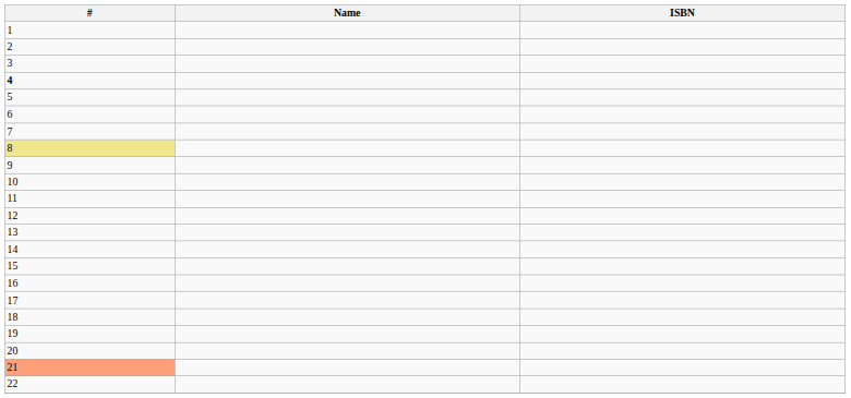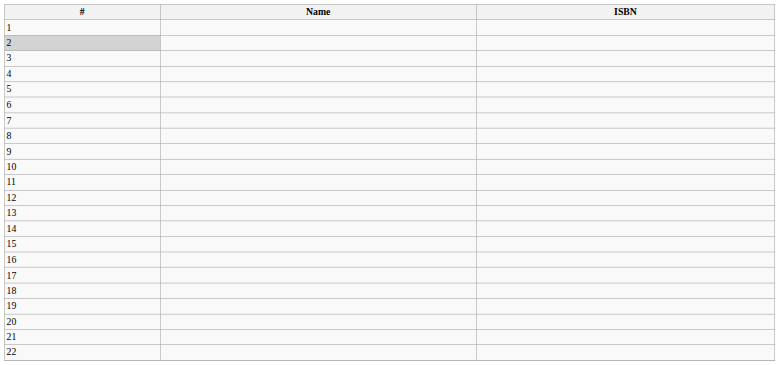 <table class="sortable wikitable" width="100%">
 <tr>
 <th>#</th>
 <th>Name</th>
 <th>ISBN</th>
 </tr>
 <tr>
 <td>1</td>
 <td></td>
 <td><small></small></td>
 </tr>
 <tr>
-<td>2</td>
+<td style="background: lightgrey;">2</td>
 <td></td>
 <td><small></small></td>
 </tr>
 <tr>
 <td>3</td>
 <td></td>
 <td><small></small></td>
 </tr>
 <tr>
-<td><strong>4</strong></td>
+<td>4</td>
 <td></td>
 <td><small></small></td>
 </tr>
 <tr>
 <td>5</td>
 <td></td>
 <td><small></small></td>
 </tr>
 <tr>
 <td>6</td>
 <td></td>
 <td><small></small></td>
 </tr>
 <tr>
 <td>7</td>
 <td></td>
 <td><small></small></td>
 </tr>
 <tr>
-<td style="background: khaki;">8</td>
+<td>8</td>
 <td></td>
 <td><small></small></td>
 </tr>
 <tr>
 <td>9</td>
 <td></td>
 <td><small></small></td>
 </tr>
 <tr>
 <td>10</td>
 <td></td>
 <td><small></small></td>
 </tr>
 <tr>
 <td>11</td>
 <td></td>
 <td><small></small></td>
 </tr>
 <tr>
 <td>12</td>
 <td></td>
 <td><small></small></td>
 </tr>
 <tr>
 <td>13</td>
 <td></td>
 <td><small></small></td>
 </tr>
 <tr>
 <td>14</td>
 <td></td>
 <td><small></small></td>
 </tr>
 <tr>
 <td>15</td>
 <td></td>
 <td><small></small></td>
 </tr>
 <tr>
 <td>16</td>
 <td></td>
 <td><small></small></td>
 </tr>
 <tr>
 <td>17</td>
 <td></td>
 <td><small></small></td>
 </tr>
 <tr>
 <td>18</td>
 <td></td>
 <td><small></small></td>
 </tr>
 <tr>
 <td>19</td>
 <td></td>
 <td><small></small></td>
 </tr>
 <tr>
 <td>20</td>
 <td></td>
 <td><small></small></td>
 </tr>
 <tr>
-<td style="background: lightsalmon;">21</td>
+<td>21</td>
 <td></td>
 <td><small></small></td>
 </tr>
 <tr>
 <td>22</td>
 <td></td>
 <td><small></small></td>
 </tr>
 <tr>
 </tr>
 </table>
